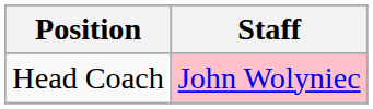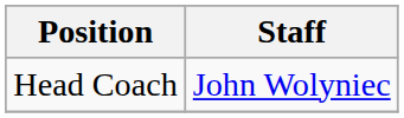 <table class="wikitable">
 <tr>
 <th>Position</th>
 <th>Staff</th>
 </tr>
 <tr>
 <td>Head Coach</td>
-<td style="background: pink;"> <a href='#'>John Wolyniec</a></td>
+<td> <a href='#'>John Wolyniec</a></td>
 </tr>
 <tr>
 </tr>
 </table>
